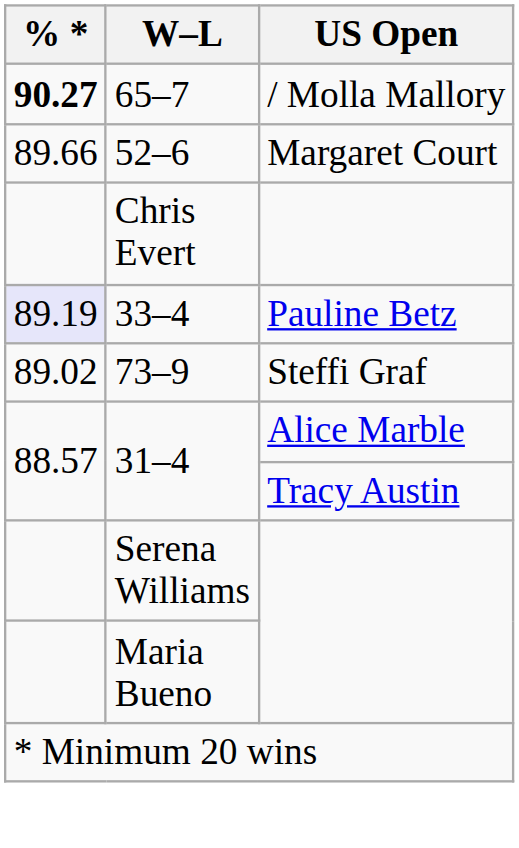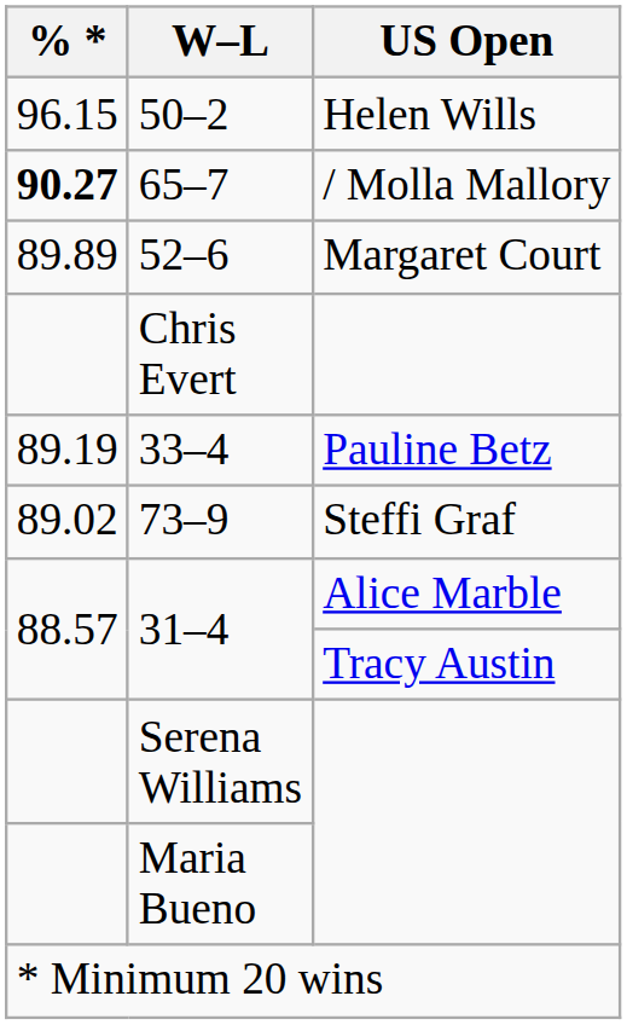 <table class="wikitable nowrap" style="display:inline-table;">
 <tr>
 <th>% *</th>
 <th width=50>W–L</th>
 <th>US Open</th>
 </tr>
 <tr>
+<td>96.15</td>
+<td>50–2</td>
+<td> Helen Wills</td>
+</tr>
+<tr>
 <td><strong>90.27</strong></td>
 <td>65–7</td>
 <td>/ Molla Mallory</td>
 </tr>
 <tr>
-<td>89.66</td>
+<td>89.89</td>
 <td>52–6</td>
 <td> Margaret Court</td>
 </tr>
 <tr>
 <td></td>
 <td> Chris Evert</td>
 </tr>
 <tr>
-<td style="background: lavender;">89.19</td>
+<td>89.19</td>
 <td>33–4</td>
 <td> <a href='#'>Pauline Betz</a></td>
 </tr>
 <tr>
 <td>89.02</td>
 <td>73–9</td>
 <td> Steffi Graf</td>
 </tr>
 <tr>
 <td rowspan="2">88.57</td>
 <td rowspan=2>31–4</td>
 <td> <a href='#'>Alice Marble</a></td>
 </tr>
 <tr>
 <td> <a href='#'>Tracy Austin</a></td>
 </tr>
 <tr>
 <td></td>
 <td> Serena Williams</td>
 </tr>
 <tr>
 <td></td>
 <td> Maria Bueno</td>
 </tr>
 <tr>
 <td colspan="3">* Minimum 20 wins</td>
 </tr>
 </table>
